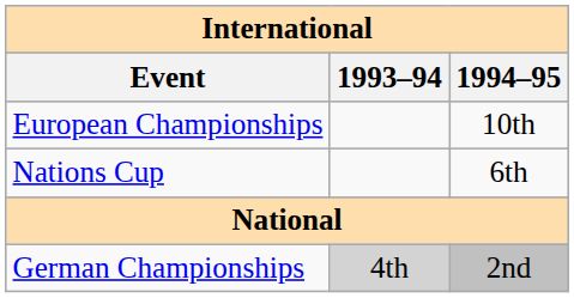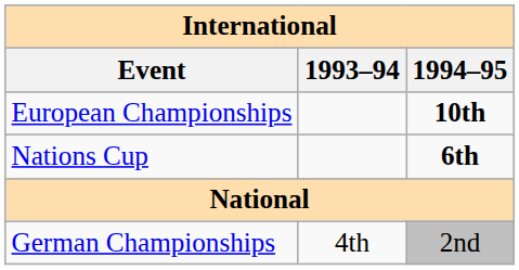 <table class="wikitable" style="text-align:center">
 <tr>
 <th style="background-color: #ffdead; " colspan=3 align=center>International</th>
 </tr>
 <tr>
 <th>Event</th>
 <th>1993–94</th>
 <th>1994–95</th>
 </tr>
 <tr>
 <td align=left><a href='#'>European Championships</a></td>
 <td></td>
-<td>10th</td>
+<td><strong>10th</strong></td>
 </tr>
 <tr>
 <td align=left><a href='#'>Nations Cup</a></td>
 <td></td>
-<td>6th</td>
+<td><strong>6th</strong></td>
 </tr>
 <tr>
 <th style="background-color: #ffdead; " colspan=5 align=center>National</th>
 </tr>
 <tr>
 <td align=left><a href='#'>German Championships</a></td>
-<td style="background: lightgrey;">4th</td>
+<td>4th</td>
 <td bgcolor=silver>2nd</td>
 </tr>
 </table>
